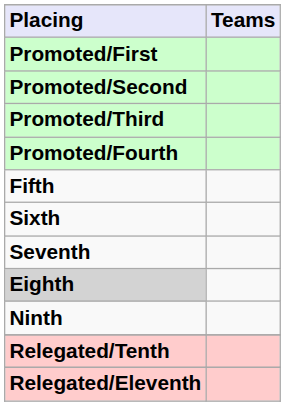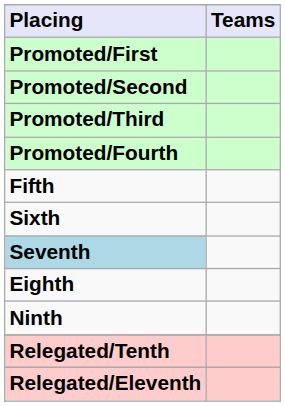 <table class=wikitable>
 <tr>
 </tr>
 <tr style="background: #E6E6FA;">
 <td><strong>Placing</strong></td>
 <td colspan="4" style="text-align:center"><strong>Teams</strong></td>
 </tr>
 <tr style="background: #ccffcc;">
 <td><strong>Promoted/First</strong></td>
 <td colspan=2><strong></strong></td>
 </tr>
 <tr style="background: #ccffcc;">
 <td><strong>Promoted/Second</strong></td>
 <td colspan=2><strong></strong></td>
 </tr>
 <tr style="background: #ccffcc;">
 <td><strong>Promoted/Third</strong></td>
 <td colspan=2><strong></strong></td>
 </tr>
 <tr style="background: #ccffcc;">
 <td><strong>Promoted/Fourth</strong></td>
 <td colspan=2><strong></strong></td>
 </tr>
 <tr>
 <td><strong>Fifth</strong></td>
 <td colspan=2></td>
 </tr>
 <tr>
 <td><strong>Sixth</strong></td>
 <td colspan=2></td>
 </tr>
 <tr>
-<td><strong>Seventh</strong></td>
+<td style="background: lightblue;"><strong>Seventh</strong></td>
 <td colspan=2></td>
 </tr>
 <tr>
-<td style="background: lightgrey;"><strong>Eighth</strong></td>
+<td><strong>Eighth</strong></td>
 <td colspan=2></td>
 </tr>
 <tr>
 <td><strong>Ninth</strong></td>
 <td colspan=2></td>
 </tr>
 <tr>
 </tr>
 <tr style="background: #ffcccc;">
 <td><strong>Relegated/Tenth</strong></td>
 <td colspan=2><em></em></td>
 </tr>
 <tr>
 </tr>
 <tr style="background: #ffcccc;">
 <td><strong>Relegated/Eleventh</strong></td>
 <td colspan=2><em></em></td>
 </tr>
 </table>
